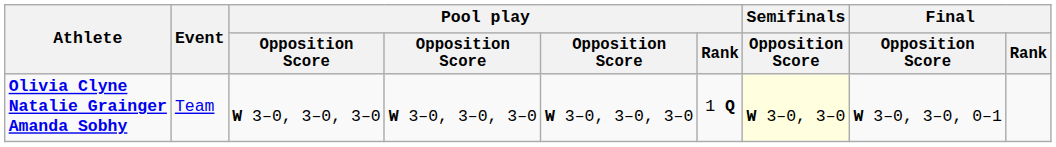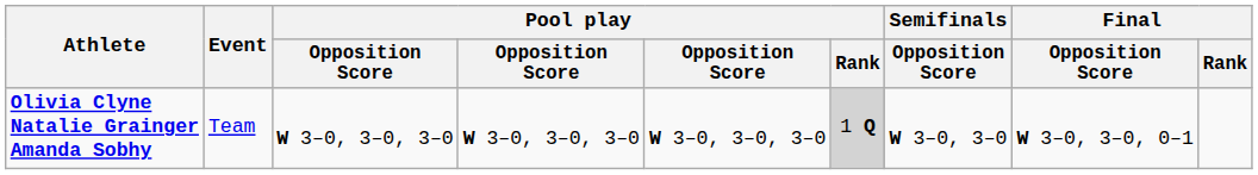 <table class=wikitable style="font-size:90%">
 <tr>
 <th rowspan=2>Athlete</th>
 <th rowspan=2>Event</th>
 <th colspan=4>Pool play</th>
 <th>Semifinals</th>
 <th colspan=2>Final</th>
 </tr>
 <tr style="font-size:95%">
 <th>Opposition<br>Score</th>
 <th>Opposition<br>Score</th>
 <th>Opposition<br>Score</th>
 <th>Rank</th>
 <th>Opposition<br>Score</th>
 <th>Opposition<br>Score</th>
 <th>Rank</th>
 </tr>
 <tr align=center>
 <td align=left><strong><a href='#'>Olivia Clyne</a><br><a href='#'>Natalie Grainger</a><br><a href='#'>Amanda Sobhy</a></strong></td>
 <td align=left><a href='#'>Team</a></td>
 <td><br><strong>W</strong> 3–0, 3–0, 3–0</td>
 <td><br><strong>W</strong> 3–0, 3–0, 3–0</td>
 <td><br><strong>W</strong> 3–0, 3–0, 3–0</td>
-<td>1 <strong>Q</strong></td>
-<td style="background: lightyellow;"><br><strong>W</strong> 3–0, 3–0</td>
+<td style="background: lightgrey;">1 <strong>Q</strong></td>
+<td><br><strong>W</strong> 3–0, 3–0</td>
 <td><br><strong>W</strong> 3–0, 3–0, 0–1</td>
 <td></td>
 </tr>
 </table>
